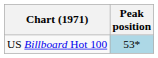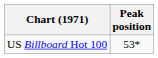 <table class="wikitable">
 <tr>
 <th>Chart (1971)</th>
 <th>Peak<br>position</th>
 </tr>
 <tr>
 <td>US <a href='#'><em>Billboard</em> Hot 100</a></td>
-<td style="background: lightblue; text-align:center;">53*</td>
+<td style="text-align:center;">53*</td>
 </tr>
 </table>
